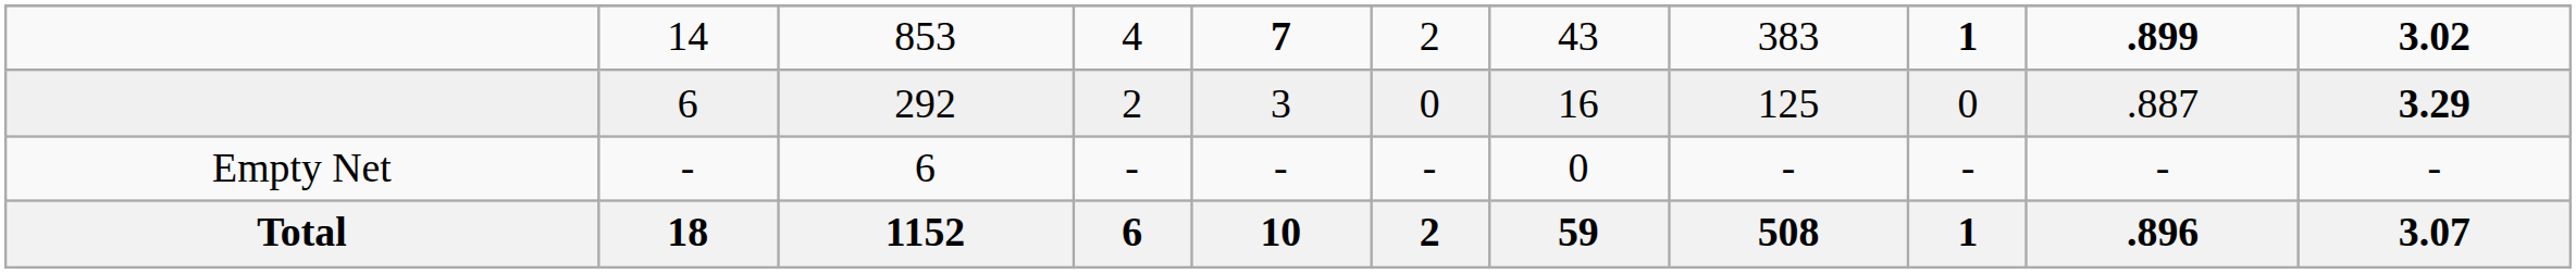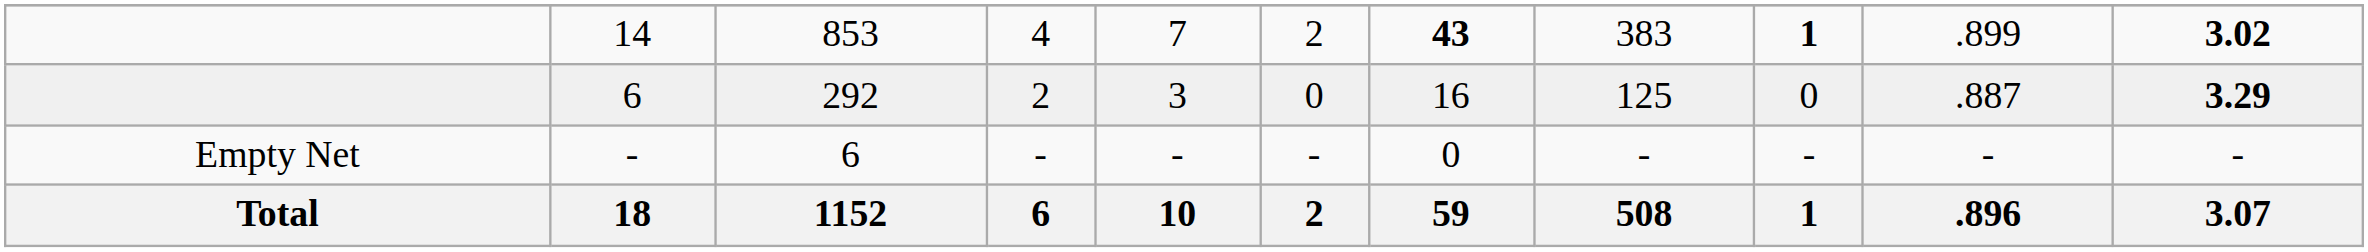 <table class="wikitable sortable" width ="1000">
 <tr align="center">
 </tr>
 <tr align="center" bgcolor="">
 <td></td>
 <td>14</td>
 <td>853</td>
 <td>4</td>
-<td><strong>7</strong></td>
+<td>7</td>
 <td>2</td>
-<td>43</td>
+<td><strong>43</strong></td>
 <td>383</td>
 <td><strong>1</strong></td>
-<td><strong>.899</strong></td>
+<td>.899</td>
 <td><strong>3.02</strong></td>
 </tr>
 <tr align="center" bgcolor="f0f0f0">
 <td></td>
 <td>6</td>
 <td>292</td>
 <td>2</td>
 <td>3</td>
 <td>0</td>
 <td>16</td>
 <td>125</td>
 <td>0</td>
 <td>.887</td>
 <td><strong>3.29</strong></td>
 </tr>
 <tr align="center" bgcolor="">
 <td>Empty Net</td>
 <td>-</td>
 <td>6</td>
 <td>-</td>
 <td>-</td>
 <td>-</td>
 <td>0</td>
 <td>-</td>
 <td>-</td>
 <td>-</td>
 <td>-</td>
 </tr>
 <tr>
 <th>Total</th>
 <th>18</th>
 <th>1152</th>
 <th>6</th>
 <th>10</th>
 <th>2</th>
 <th>59</th>
 <th>508</th>
 <th>1</th>
 <th>.896</th>
 <th>3.07</th>
 </tr>
 </table>
